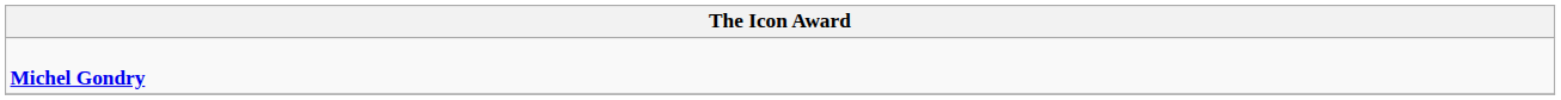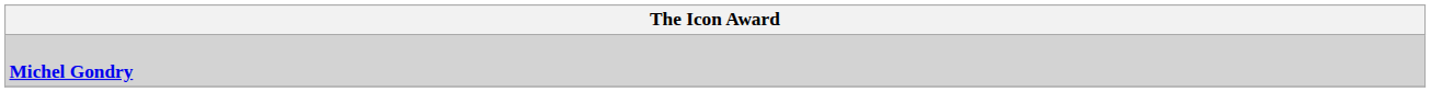 <table class="wikitable" style="width:95%">
 <tr bgcolor="#bebebe">
 <th width="100%">The Icon Award</th>
 </tr>
 <tr>
-<td valign="top"><br><strong><a href='#'>Michel Gondry</a></strong></td>
+<td valign="top" style="background: lightgrey;"><br><strong><a href='#'>Michel Gondry</a></strong></td>
 </tr>
 <tr>
 </tr>
 </table>
